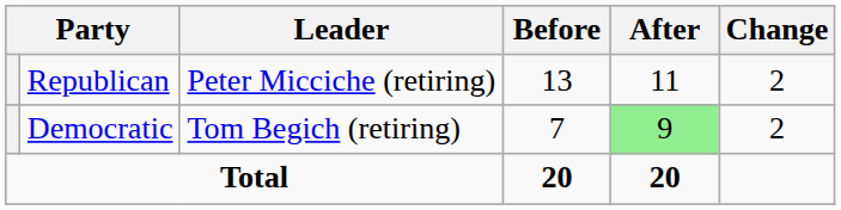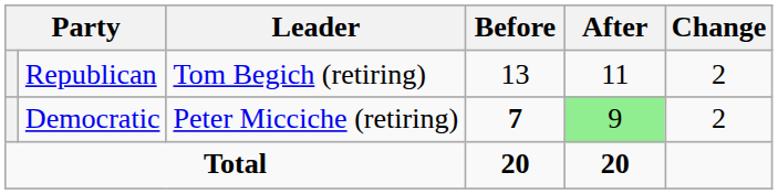 <table class="wikitable" style="text-align:center;">
 <tr>
 <th colspan="2">Party</th>
 <th>Leader</th>
 <th style="width:3em">Before</th>
 <th style="width:3em">After</th>
 <th style="width:3em">Change</th>
 </tr>
 <tr>
 <th style="background-color:"></th>
 <td style="text-align:left;"><a href='#'>Republican</a></td>
-<td style="text-align:left;"><a href='#'>Peter Micciche</a> (retiring)</td>
+<td style="text-align:left;"><a href='#'>Tom Begich</a> (retiring)</td>
 <td>13</td>
 <td>11</td>
 <td> 2</td>
 </tr>
 <tr>
 <th style="background-color:"></th>
 <td style="text-align:left;"><a href='#'>Democratic</a></td>
-<td style="text-align:left;"><a href='#'>Tom Begich</a> (retiring)</td>
-<td>7</td>
+<td style="text-align:left;"><a href='#'>Peter Micciche</a> (retiring)</td>
+<td><strong>7</strong></td>
 <td style="background: lightgreen;">9</td>
 <td> 2</td>
 </tr>
 <tr>
 <td colspan="3"><strong>Total</strong></td>
 <td><strong>20</strong></td>
 <td><strong>20</strong></td>
 <td></td>
 </tr>
 </table>
